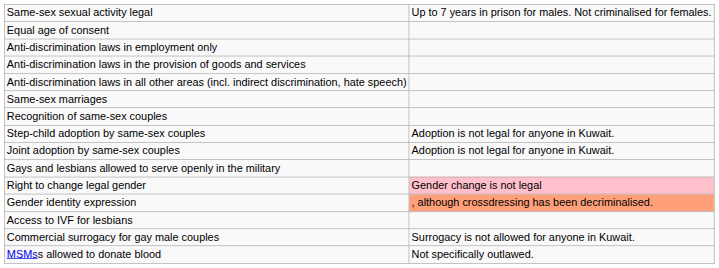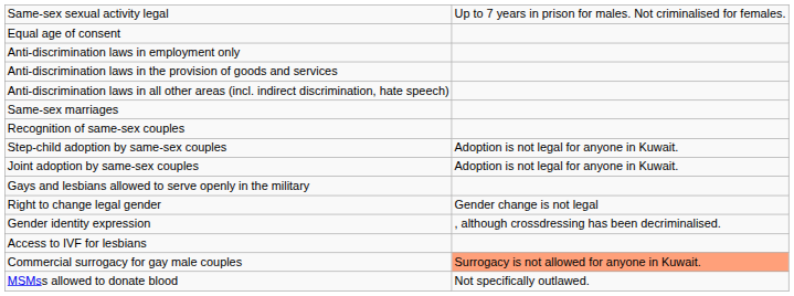 <table class="wikitable">
 <tr>
 <td>Same-sex sexual activity legal</td>
 <td> Up to 7 years in prison for males. Not criminalised for females.</td>
 </tr>
 <tr>
 <td>Equal age of consent</td>
 <td></td>
 </tr>
 <tr>
 <td>Anti-discrimination laws in employment only</td>
 <td></td>
 </tr>
 <tr>
 <td>Anti-discrimination laws in the provision of goods and services</td>
 <td></td>
 </tr>
 <tr>
 <td>Anti-discrimination laws in all other areas (incl. indirect discrimination, hate speech)</td>
 <td></td>
 </tr>
 <tr>
 <td>Same-sex marriages</td>
 <td></td>
 </tr>
 <tr>
 <td>Recognition of same-sex couples</td>
 <td></td>
 </tr>
 <tr>
 <td>Step-child adoption by same-sex couples</td>
 <td> Adoption is not legal for anyone in Kuwait.</td>
 </tr>
 <tr>
 <td>Joint adoption by same-sex couples</td>
 <td> Adoption is not legal for anyone in Kuwait.</td>
 </tr>
 <tr>
 <td>Gays and lesbians allowed to serve openly in the military</td>
 <td></td>
 </tr>
 <tr>
 <td>Right to change legal gender</td>
-<td style="background: pink;"> Gender change is not legal</td>
+<td> Gender change is not legal</td>
 </tr>
 <tr>
 <td>Gender identity expression</td>
-<td style="background: lightsalmon;">, although crossdressing has been decriminalised.</td>
+<td>, although crossdressing has been decriminalised.</td>
 </tr>
 <tr>
 <td>Access to IVF for lesbians</td>
 <td></td>
 </tr>
 <tr>
 <td>Commercial surrogacy for gay male couples</td>
-<td> Surrogacy is not allowed for anyone in Kuwait.</td>
+<td style="background: lightsalmon;"> Surrogacy is not allowed for anyone in Kuwait.</td>
 </tr>
 <tr>
 <td><a href='#'>MSMs</a>s allowed to donate blood</td>
 <td> Not specifically outlawed.</td>
 </tr>
 </table>
